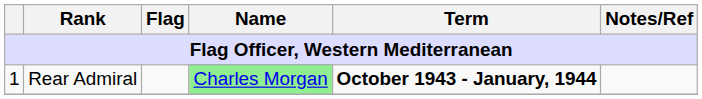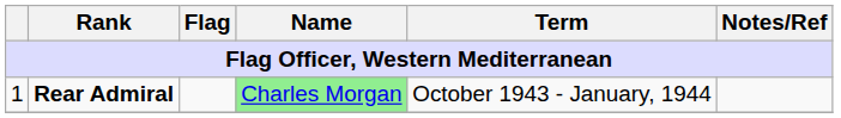 <table class="wikitable">
 <tr>
 <th></th>
 <th>Rank</th>
 <th>Flag</th>
 <th>Name</th>
 <th>Term</th>
 <th>Notes/Ref</th>
 </tr>
 <tr>
 <td colspan="6" align="center" style="background:#dcdcfe;"><strong>Flag Officer, Western Mediterranean</strong> </td>
 </tr>
 <tr>
 <td>1</td>
-<td>Rear Admiral</td>
+<td><strong>Rear Admiral</strong></td>
 <td></td>
 <td style="background: lightgreen;"><a href='#'>Charles Morgan</a></td>
-<td><strong>October 1943 - January, 1944</strong></td>
+<td>October 1943 - January, 1944</td>
 <td></td>
 </tr>
 <tr>
 </tr>
 </table>
